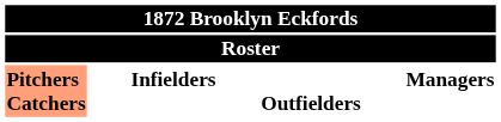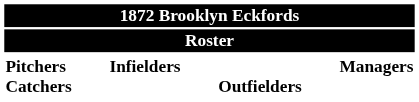 <table class="toccolours" style="font-size: 95%;">
 <tr>
 <th colspan="10" style="background-color: black; color:white; text-align: center;">1872 Brooklyn Eckfords</th>
 </tr>
 <tr>
 <td colspan="10" style="background-color:black; color: white; text-align: center;"><strong>Roster</strong></td>
 </tr>
 <tr>
-<td valign="top" style="background: lightsalmon;"><strong>Pitchers</strong><br>     <strong>Catchers</strong>    </td>
+<td valign="top"><strong>Pitchers</strong><br>     <strong>Catchers</strong>    </td>
 <td width="25px"></td>
 <td valign="top"><strong>Infielders</strong><br>          </td>
 <td width="25px"></td>
 <td valign="top"><br><strong>Outfielders</strong>      </td>
 <td width="25px"></td>
 <td valign="top"><strong>Managers</strong><br> </td>
 </tr>
 </table>
